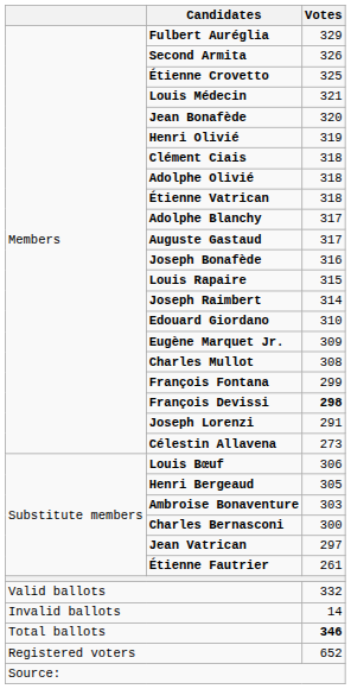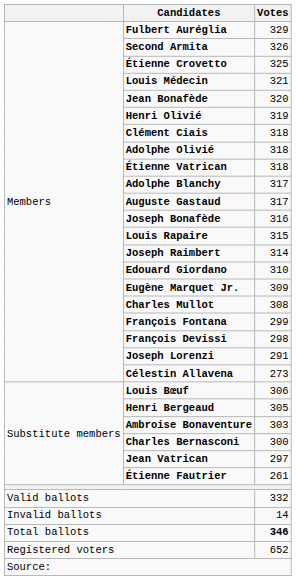 <table class="wikitable" style="text-align:right">
 <tr>
 <th></th>
 <th>Candidates</th>
 <th>Votes</th>
 </tr>
 <tr>
 <td rowspan=21 align=left>Members</td>
 <td align=left><strong>Fulbert Auréglia</strong></td>
 <td>329</td>
 </tr>
 <tr>
 <td align=left><strong>Second Armita</strong></td>
 <td>326</td>
 </tr>
 <tr>
 <td align=left><strong>Étienne Crovetto</strong></td>
 <td>325</td>
 </tr>
 <tr>
 <td align=left><strong>Louis Médecin</strong></td>
 <td>321</td>
 </tr>
 <tr>
 <td align=left><strong>Jean Bonafède</strong></td>
 <td>320</td>
 </tr>
 <tr>
 <td align=left><strong>Henri Olivié</strong></td>
 <td>319</td>
 </tr>
 <tr>
 <td align=left><strong>Clément Ciais</strong></td>
 <td>318</td>
 </tr>
 <tr>
 <td align=left><strong>Adolphe Olivié</strong></td>
 <td>318</td>
 </tr>
 <tr>
 <td align=left><strong>Étienne Vatrican</strong></td>
 <td>318</td>
 </tr>
 <tr>
 <td align=left><strong>Adolphe Blanchy</strong></td>
 <td>317</td>
 </tr>
 <tr>
 <td align=left><strong>Auguste Gastaud</strong></td>
 <td>317</td>
 </tr>
 <tr>
 <td align=left><strong>Joseph Bonafède</strong></td>
 <td>316</td>
 </tr>
 <tr>
 <td align=left><strong>Louis Rapaire</strong></td>
 <td>315</td>
 </tr>
 <tr>
 <td align=left><strong>Joseph Raimbert</strong></td>
 <td>314</td>
 </tr>
 <tr>
 <td align=left><strong>Edouard Giordano</strong></td>
 <td>310</td>
 </tr>
 <tr>
 <td align=left><strong>Eugène Marquet Jr.</strong></td>
 <td>309</td>
 </tr>
 <tr>
 <td align=left><strong>Charles Mullot</strong></td>
 <td>308</td>
 </tr>
 <tr>
 <td align=left><strong>François Fontana</strong></td>
 <td>299</td>
 </tr>
 <tr>
 <td align=left><strong>François Devissi</strong></td>
-<td><strong>298</strong></td>
+<td>298</td>
 </tr>
 <tr>
 <td align=left><strong>Joseph Lorenzi</strong></td>
 <td>291</td>
 </tr>
 <tr>
 <td align=left><strong>Célestin Allavena</strong></td>
 <td>273</td>
 </tr>
 <tr>
 <td rowspan=6 align=left>Substitute members</td>
 <td align=left><strong>Louis Bœuf</strong></td>
 <td>306</td>
 </tr>
 <tr>
 <td align=left><strong>Henri Bergeaud</strong></td>
 <td>305</td>
 </tr>
 <tr>
 <td align=left><strong>Ambroise Bonaventure</strong></td>
 <td>303</td>
 </tr>
 <tr>
 <td align=left><strong>Charles Bernasconi</strong></td>
 <td>300</td>
 </tr>
 <tr>
 <td align=left><strong>Jean Vatrican</strong></td>
 <td>297</td>
 </tr>
 <tr>
 <td align=left><strong>Étienne Fautrier</strong></td>
 <td>261</td>
 </tr>
 <tr>
 <th colspan=3></th>
 </tr>
 <tr>
 <td colspan=2 align=left>Valid ballots</td>
 <td>332</td>
 </tr>
 <tr>
 <td colspan=2 align=left>Invalid ballots</td>
 <td>14</td>
 </tr>
 <tr>
 <td colspan=2 align=left>Total ballots</td>
 <td><strong>346</strong></td>
 </tr>
 <tr>
 <td colspan=2 align=left>Registered voters</td>
 <td>652</td>
 </tr>
 <tr>
 <td colspan=3 align=left>Source:</td>
 </tr>
 </table>
